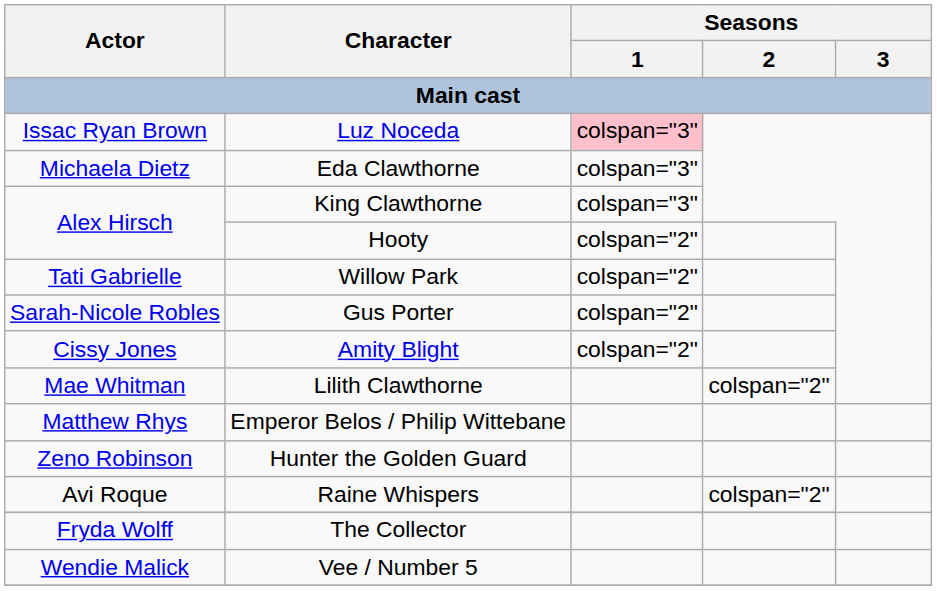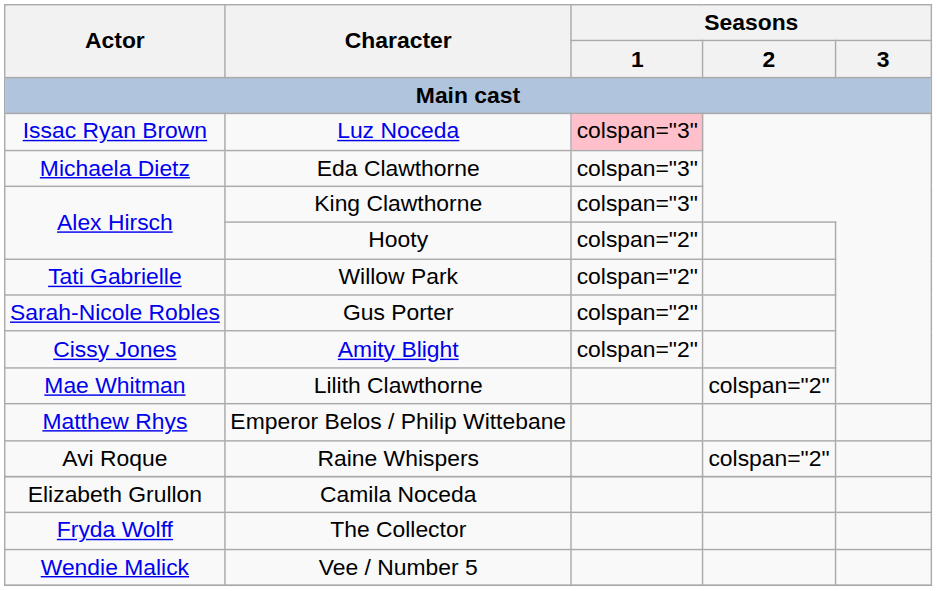 <table class="wikitable plainrowheaders" style="text-align:center;">
 <tr>
 <th scope="col" rowspan="2">Actor</th>
 <th scope="col" rowspan="2">Character</th>
 <th scope="col" colspan="3">Seasons</th>
 </tr>
 <tr>
 <th scope="col" style="width:60px;">1</th>
 <th scope="col" style="width:60px;">2</th>
 <th scope="col" style="width:60px;">3</th>
 </tr>
 <tr>
 <th colspan="5" style="background: LightSteelBlue;">Main cast</th>
 </tr>
 <tr>
 <td><a href='#'>Issac Ryan Brown</a></td>
 <td><a href='#'>Luz Noceda</a></td>
 <td style="background: pink;">colspan="3" </td>
 </tr>
 <tr>
 <td><a href='#'>Michaela Dietz</a></td>
 <td>Eda Clawthorne</td>
 <td>colspan="3" </td>
 </tr>
 <tr>
 <td rowspan="2"><a href='#'>Alex Hirsch</a></td>
 <td>King Clawthorne</td>
 <td>colspan="3" </td>
 </tr>
 <tr>
 <td>Hooty</td>
 <td>colspan="2" </td>
 <td></td>
 </tr>
 <tr>
 <td><a href='#'>Tati Gabrielle</a></td>
 <td>Willow Park</td>
 <td>colspan="2" </td>
 <td></td>
 </tr>
 <tr>
 <td><a href='#'>Sarah-Nicole Robles</a></td>
 <td>Gus Porter</td>
 <td>colspan="2" </td>
 <td></td>
 </tr>
 <tr>
 <td><a href='#'>Cissy Jones</a></td>
 <td><a href='#'>Amity Blight</a></td>
 <td>colspan="2" </td>
 <td></td>
 </tr>
 <tr>
 <td><a href='#'>Mae Whitman</a></td>
 <td>Lilith Clawthorne</td>
 <td></td>
 <td>colspan="2" </td>
 </tr>
 <tr>
 <td><a href='#'>Matthew Rhys</a></td>
 <td>Emperor Belos / Philip Wittebane</td>
 <td></td>
 <td></td>
 <td></td>
 </tr>
 <tr>
-<td><a href='#'>Zeno Robinson</a></td>
-<td>Hunter the Golden Guard</td>
-<td></td>
-<td></td>
-<td></td>
-</tr>
-<tr>
 <td>Avi Roque</td>
 <td>Raine Whispers</td>
 <td></td>
 <td>colspan="2" </td>
 </tr>
 <tr>
+</tr>
+<tr>
+<td>Elizabeth Grullon</td>
+<td>Camila Noceda</td>
+<td></td>
+<td></td>
+<td></td>
 </tr>
 <tr>
 <td><a href='#'>Fryda Wolff</a></td>
 <td>The Collector</td>
 <td></td>
 <td></td>
 <td></td>
 </tr>
 <tr>
 <td><a href='#'>Wendie Malick</a></td>
 <td>Vee / Number 5</td>
 <td></td>
 <td></td>
 <td></td>
 </tr>
 <tr>
 </tr>
 </table>
